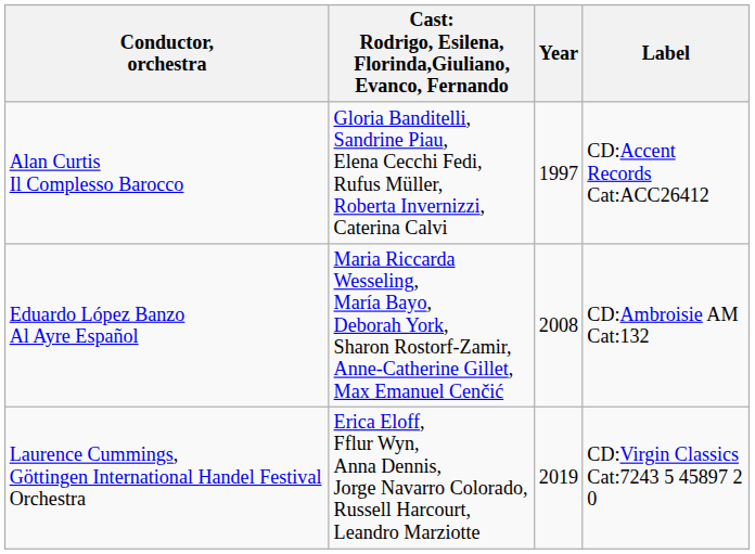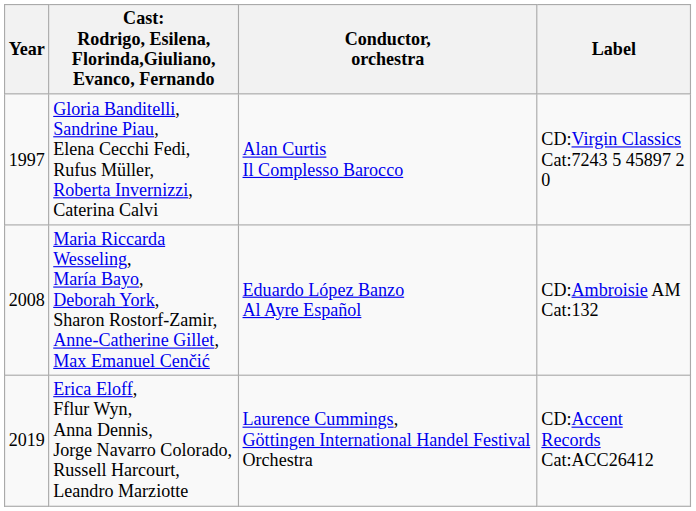 <table class="wikitable">
 <tr>
+<th>Year</th>
+<th>Cast:<br>Rodrigo, Esilena,<br>Florinda,Giuliano,<br>Evanco, Fernando<br></th>
 <th>Conductor,<br>orchestra</th>
-<th>Cast:<br>Rodrigo, Esilena,<br>Florinda,Giuliano,<br>Evanco, Fernando<br></th>
-<th>Year</th>
 <th>Label</th>
 </tr>
 <tr>
+<td>1997</td>
+<td><a href='#'>Gloria Banditelli</a>,<br><a href='#'>Sandrine Piau</a>,<br>Elena Cecchi Fedi,<br>Rufus Müller,<br><a href='#'>Roberta Invernizzi</a>,<br>Caterina Calvi</td>
 <td><a href='#'>Alan Curtis</a><br><a href='#'>Il Complesso Barocco</a></td>
-<td><a href='#'>Gloria Banditelli</a>,<br><a href='#'>Sandrine Piau</a>,<br>Elena Cecchi Fedi,<br>Rufus Müller,<br><a href='#'>Roberta Invernizzi</a>,<br>Caterina Calvi</td>
-<td>1997</td>
-<td>CD:<a href='#'>Accent Records</a><br>Cat:ACC26412</td>
+<td>CD:<a href='#'>Virgin Classics</a><br>Cat:7243 5 45897 2 0</td>
 </tr>
 <tr>
+<td>2008</td>
+<td><a href='#'>Maria Riccarda Wesseling</a>,<br><a href='#'>María Bayo</a>,<br><a href='#'>Deborah York</a>,<br>Sharon Rostorf-Zamir,<br><a href='#'>Anne-Catherine Gillet</a>,<br><a href='#'>Max Emanuel Cenčić</a></td>
 <td><a href='#'>Eduardo López Banzo</a><br><a href='#'>Al Ayre Español</a></td>
-<td><a href='#'>Maria Riccarda Wesseling</a>,<br><a href='#'>María Bayo</a>,<br><a href='#'>Deborah York</a>,<br>Sharon Rostorf-Zamir,<br><a href='#'>Anne-Catherine Gillet</a>,<br><a href='#'>Max Emanuel Cenčić</a></td>
-<td>2008</td>
 <td>CD:<a href='#'>Ambroisie</a> AM<br>Cat:132</td>
 </tr>
 <tr>
+<td>2019</td>
+<td><a href='#'>Erica Eloff</a>,<br>Fflur Wyn,<br>Anna Dennis,<br>Jorge Navarro Colorado,<br>Russell Harcourt,<br>Leandro Marziotte</td>
 <td><a href='#'>Laurence Cummings</a>,<br><a href='#'>Göttingen International Handel Festival</a> Orchestra</td>
-<td><a href='#'>Erica Eloff</a>,<br>Fflur Wyn,<br>Anna Dennis,<br>Jorge Navarro Colorado,<br>Russell Harcourt,<br>Leandro Marziotte</td>
-<td>2019</td>
-<td>CD:<a href='#'>Virgin Classics</a><br>Cat:7243 5 45897 2 0</td>
+<td>CD:<a href='#'>Accent Records</a><br>Cat:ACC26412</td>
 </tr>
 </table>
